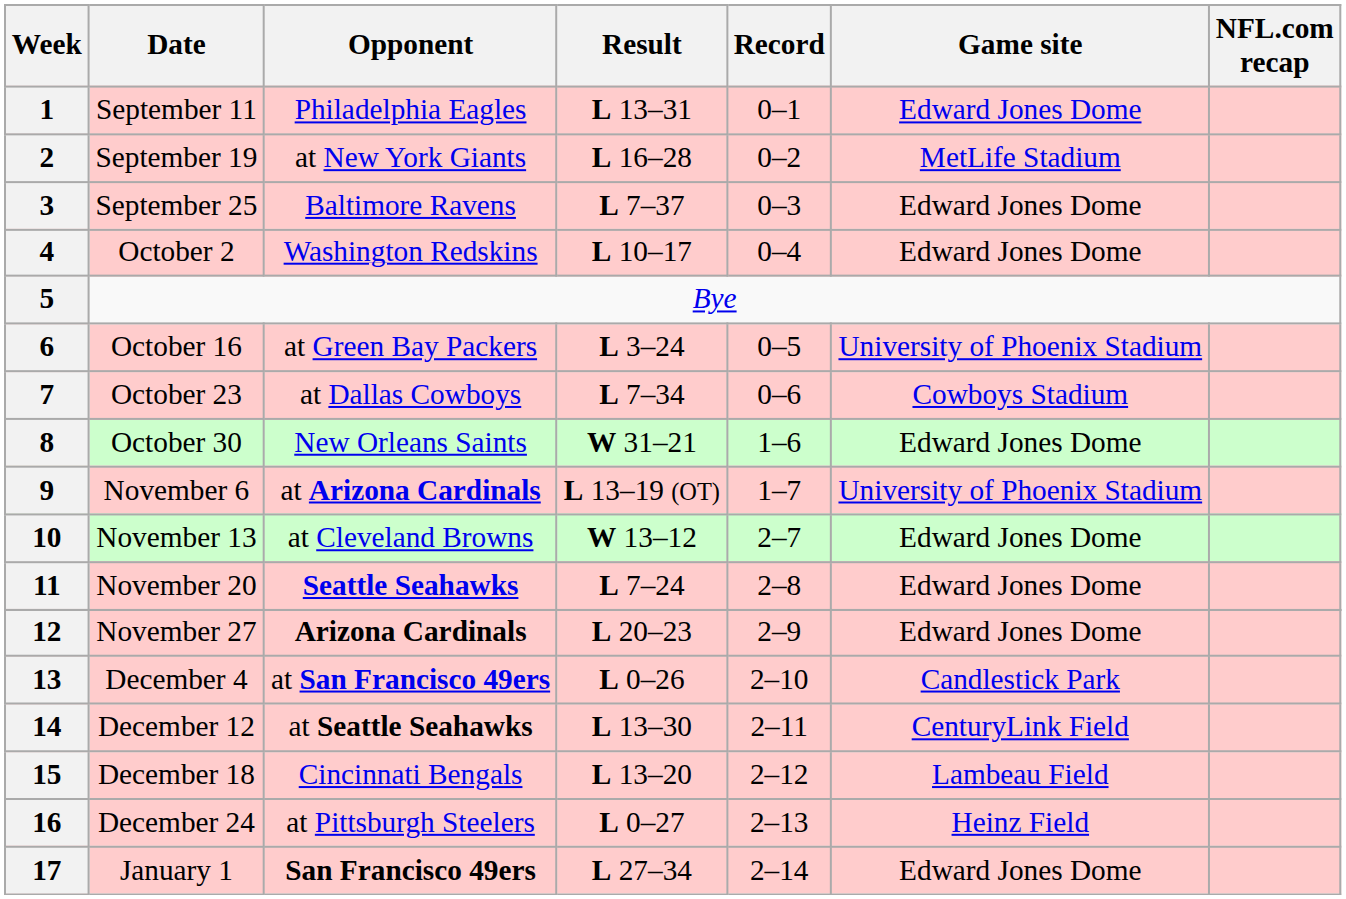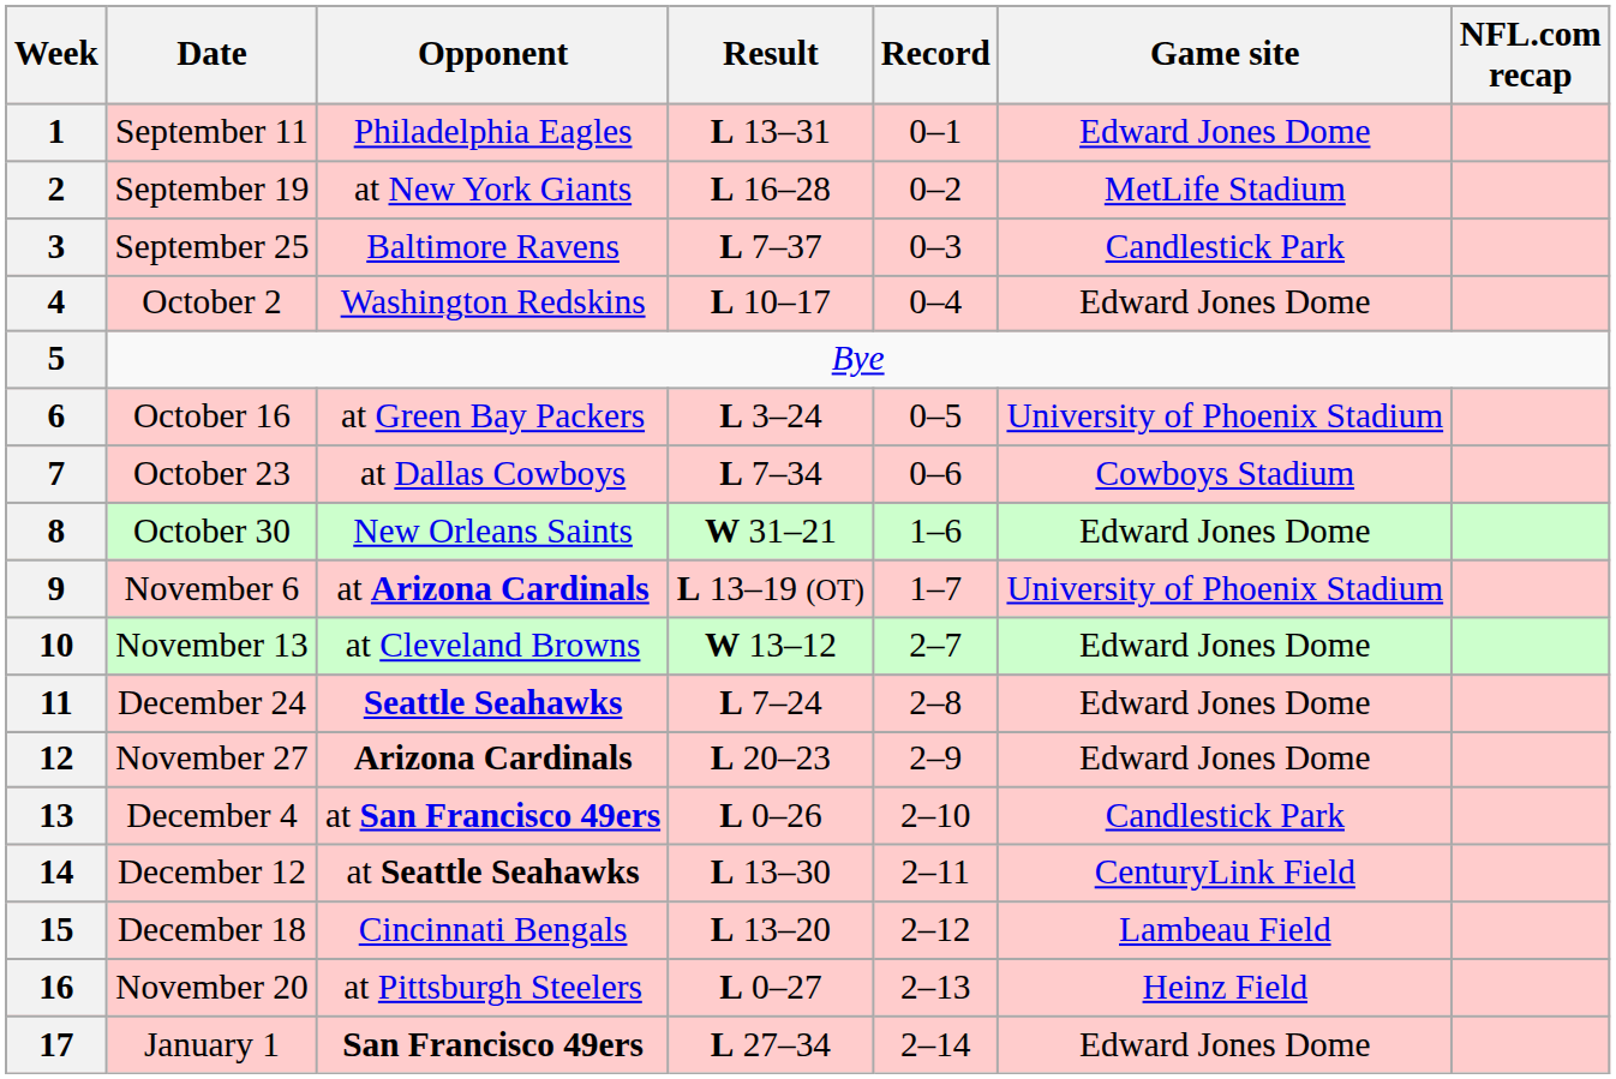 <table class="wikitable" align="center" style="font-size: 92%">
 <tr>
 <th>Week</th>
 <th>Date</th>
 <th>Opponent</th>
 <th>Result</th>
 <th>Record</th>
 <th>Game site</th>
 <th>NFL.com<br>recap</th>
 </tr>
 <tr style="background:#fcc">
 <th>1</th>
 <td style="text-align:center;">September 11</td>
 <td style="text-align:center;"><a href='#'>Philadelphia Eagles</a></td>
 <td style="text-align:center;"><strong>L</strong> 13–31</td>
 <td style="text-align:center;">0–1</td>
 <td style="text-align:center;"><a href='#'>Edward Jones Dome</a></td>
 <td style="text-align:center;"></td>
 </tr>
 <tr style="background:#fcc">
 <th>2</th>
 <td style="text-align:center;">September 19</td>
 <td style="text-align:center;">at <a href='#'>New York Giants</a></td>
 <td style="text-align:center;"><strong>L</strong> 16–28</td>
 <td style="text-align:center;">0–2</td>
 <td style="text-align:center;"><a href='#'>MetLife Stadium</a></td>
 <td style="text-align:center;"></td>
 </tr>
 <tr style="background:#fcc">
 <th>3</th>
 <td style="text-align:center;">September 25</td>
 <td style="text-align:center;"><a href='#'>Baltimore Ravens</a></td>
 <td style="text-align:center;"><strong>L</strong> 7–37</td>
 <td style="text-align:center;">0–3</td>
-<td style="text-align:center;">Edward Jones Dome</td>
+<td style="text-align:center;"><a href='#'>Candlestick Park</a></td>
 <td style="text-align:center;"></td>
 </tr>
 <tr style="background:#fcc">
 <th>4</th>
 <td style="text-align:center;">October 2</td>
 <td style="text-align:center;"><a href='#'>Washington Redskins</a></td>
 <td style="text-align:center;"><strong>L</strong> 10–17</td>
 <td style="text-align:center;">0–4</td>
 <td style="text-align:center;">Edward Jones Dome</td>
 <td style="text-align:center;"></td>
 </tr>
 <tr>
 <th>5</th>
 <td colspan="8" style="text-align:center;"><em><a href='#'>Bye</a></em></td>
 </tr>
 <tr style="background:#fcc">
 <th>6</th>
 <td style="text-align:center;">October 16</td>
 <td style="text-align:center;">at <a href='#'>Green Bay Packers</a></td>
 <td style="text-align:center;"><strong>L</strong> 3–24</td>
 <td style="text-align:center;">0–5</td>
 <td style="text-align:center;"><a href='#'>University of Phoenix Stadium</a></td>
 <td style="text-align:center;"></td>
 </tr>
 <tr style="background:#fcc">
 <th>7</th>
 <td style="text-align:center;">October 23</td>
 <td style="text-align:center;">at <a href='#'>Dallas Cowboys</a></td>
 <td style="text-align:center;"><strong>L</strong> 7–34</td>
 <td style="text-align:center;">0–6</td>
 <td style="text-align:center;"><a href='#'>Cowboys Stadium</a></td>
 <td style="text-align:center;"></td>
 </tr>
 <tr style="background:#cfc">
 <th>8</th>
 <td style="text-align:center;">October  30</td>
 <td style="text-align:center;"><a href='#'>New Orleans Saints</a></td>
 <td style="text-align:center;"><strong>W</strong> 31–21</td>
 <td style="text-align:center;">1–6</td>
 <td style="text-align:center;">Edward Jones Dome</td>
 <td style="text-align:center;"></td>
 </tr>
 <tr style="background:#fcc">
 <th>9</th>
 <td style="text-align:center;">November 6</td>
 <td style="text-align:center;">at <strong><a href='#'>Arizona Cardinals</a></strong></td>
 <td style="text-align:center;"><strong>L</strong> 13–19 <small>(OT)</small></td>
 <td style="text-align:center;">1–7</td>
 <td style="text-align:center;"><a href='#'>University of Phoenix Stadium</a></td>
 <td style="text-align:center;"></td>
 </tr>
 <tr style="background:#cfc">
 <th>10</th>
 <td style="text-align:center;">November 13</td>
 <td style="text-align:center;">at <a href='#'>Cleveland Browns</a></td>
 <td style="text-align:center;"><strong>W</strong> 13–12</td>
 <td style="text-align:center;">2–7</td>
 <td style="text-align:center;">Edward Jones Dome</td>
 <td style="text-align:center;"></td>
 </tr>
 <tr style="background:#fcc">
 <th>11</th>
-<td style="text-align:center;">November 20</td>
+<td style="text-align:center;">December 24</td>
 <td style="text-align:center;"><strong><a href='#'>Seattle Seahawks</a></strong></td>
 <td style="text-align:center;"><strong>L</strong> 7–24</td>
 <td style="text-align:center;">2–8</td>
 <td style="text-align:center;">Edward Jones Dome</td>
 <td style="text-align:center;"></td>
 </tr>
 <tr style="background:#">
 </tr>
 <tr style="background:#fcc">
 <th>12</th>
 <td style="text-align:center;">November 27</td>
 <td style="text-align:center;"><strong>Arizona Cardinals</strong></td>
 <td style="text-align:center;"><strong>L</strong> 20–23</td>
 <td style="text-align:center;">2–9</td>
 <td style="text-align:center;">Edward Jones Dome</td>
 <td style="text-align:center;"></td>
 </tr>
 <tr style="background:#fcc">
 <th>13</th>
 <td style="text-align:center;">December 4</td>
 <td style="text-align:center;">at <strong><a href='#'>San Francisco 49ers</a></strong></td>
 <td style="text-align:center;"><strong>L</strong> 0–26</td>
 <td style="text-align:center;">2–10</td>
 <td style="text-align:center;"><a href='#'>Candlestick Park</a></td>
 <td style="text-align:center;"></td>
 </tr>
 <tr style="background:#fcc">
 <th>14</th>
 <td style="text-align:center;">December 12</td>
 <td style="text-align:center;">at <strong>Seattle Seahawks</strong></td>
 <td style="text-align:center;"><strong>L</strong> 13–30</td>
 <td style="text-align:center;">2–11</td>
 <td style="text-align:center;"><a href='#'>CenturyLink Field</a></td>
 <td style="text-align:center;"></td>
 </tr>
 <tr style="background:#fcc">
 <th>15</th>
 <td style="text-align:center;">December 18</td>
 <td style="text-align:center;"><a href='#'>Cincinnati Bengals</a></td>
 <td style="text-align:center;"><strong>L</strong> 13–20</td>
 <td style="text-align:center;">2–12</td>
 <td style="text-align:center;"><a href='#'>Lambeau Field</a></td>
 <td style="text-align:center;"></td>
 </tr>
 <tr style="background:#fcc">
 <th>16</th>
-<td style="text-align:center;">December 24</td>
+<td style="text-align:center;">November 20</td>
 <td style="text-align:center;">at <a href='#'>Pittsburgh Steelers</a></td>
 <td style="text-align:center;"><strong>L</strong> 0–27</td>
 <td style="text-align:center;">2–13</td>
 <td style="text-align:center;"><a href='#'>Heinz Field</a></td>
 <td style="text-align:center;"></td>
 </tr>
 <tr style="background:#fcc">
 <th>17</th>
 <td style="text-align:center;">January 1</td>
 <td style="text-align:center;"><strong>San Francisco 49ers</strong></td>
 <td style="text-align:center;"><strong>L</strong> 27–34</td>
 <td style="text-align:center;">2–14</td>
 <td style="text-align:center;">Edward Jones Dome</td>
 <td style="text-align:center;"></td>
 </tr>
 </table>
